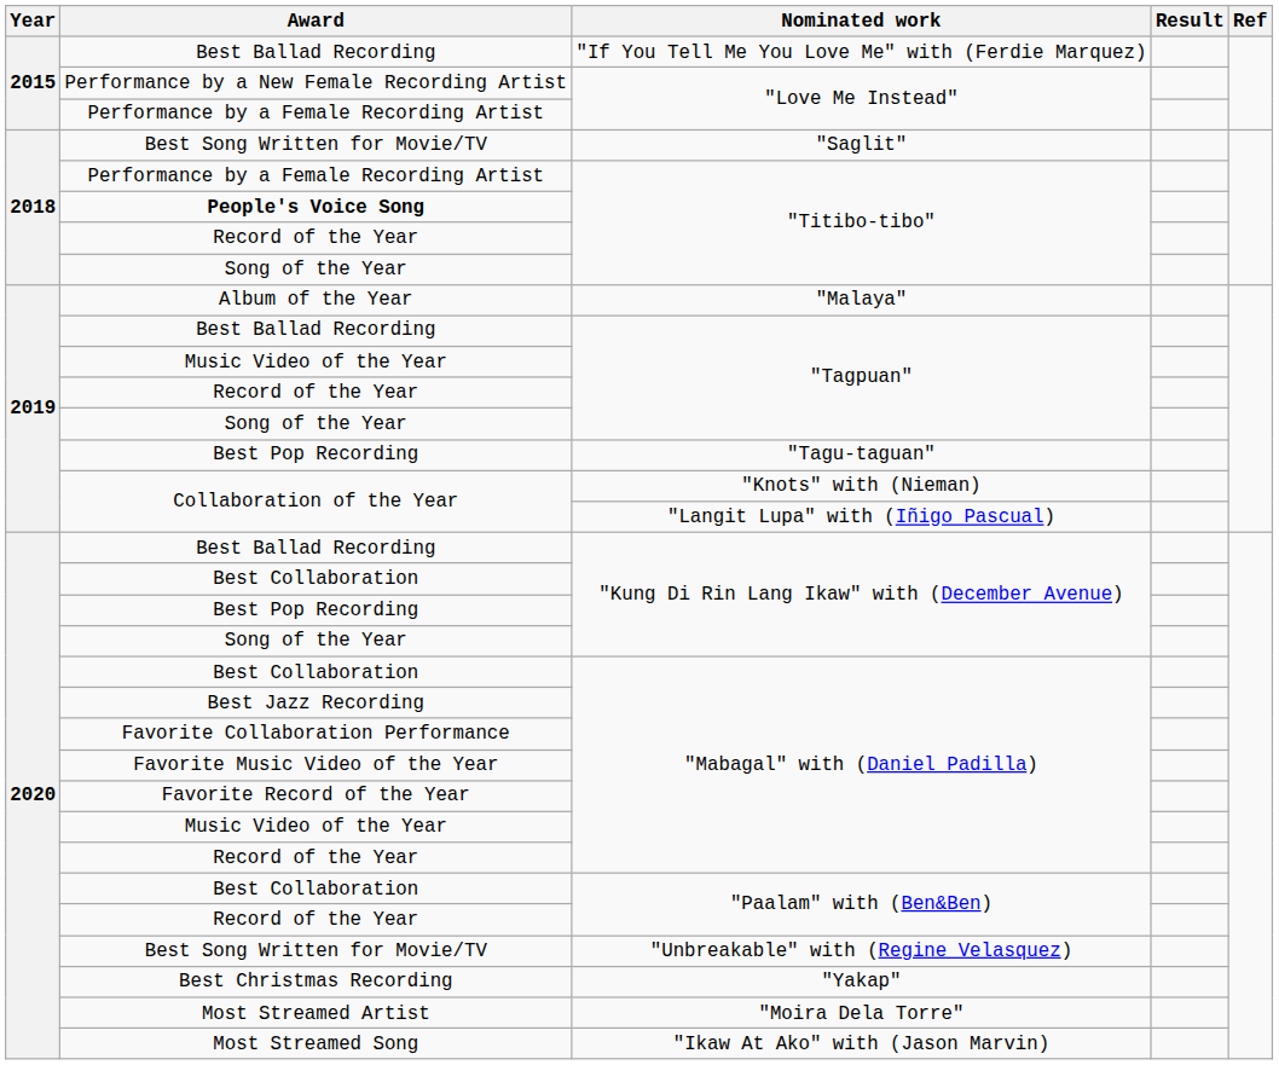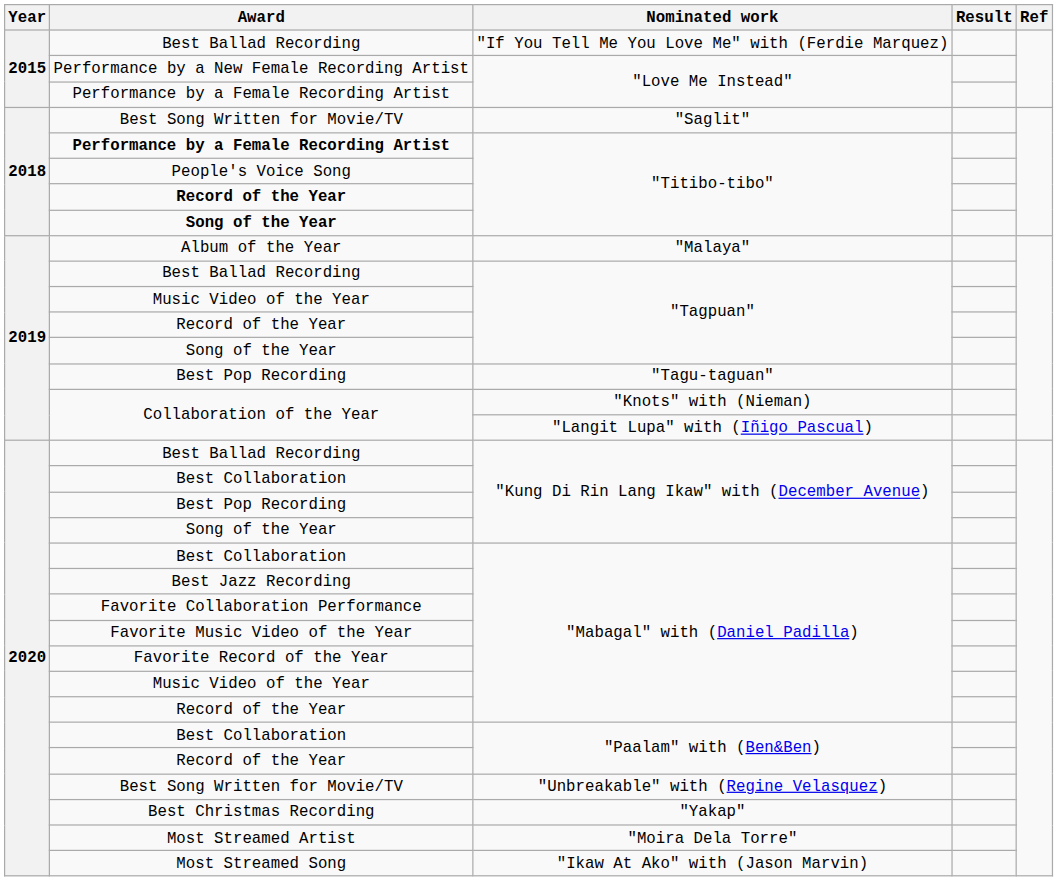 <table class="wikitable sortable" style=text-align:center>
 <tr>
 <th>Year</th>
 <th>Award</th>
 <th>Nominated work</th>
 <th>Result</th>
 <th>Ref</th>
 </tr>
 <tr>
 <th rowspan="3">2015</th>
 <td>Best Ballad Recording</td>
 <td align=center>"If You Tell Me You Love Me" with (Ferdie Marquez)</td>
 <td></td>
 <td align=center rowspan="3"></td>
 </tr>
 <tr>
 <td>Performance by a New Female Recording Artist</td>
 <td align=center rowspan="2">"Love Me Instead"</td>
 <td></td>
 </tr>
 <tr>
 <td>Performance by a Female Recording Artist</td>
 <td></td>
 </tr>
 <tr>
 <th rowspan="5">2018</th>
 <td>Best Song Written for Movie/TV</td>
 <td align=center>"Saglit"</td>
 <td></td>
 <td rowspan="5"></td>
 </tr>
 <tr>
-<td>Performance by a Female Recording Artist</td>
+<td><strong>Performance by a Female Recording Artist</strong></td>
 <td align=center rowspan="4">"Titibo-tibo"</td>
 <td></td>
 </tr>
 <tr>
-<td><strong>People's Voice Song</strong></td>
+<td>People's Voice Song</td>
 <td></td>
 </tr>
 <tr>
-<td>Record of the Year</td>
+<td><strong>Record of the Year</strong></td>
 <td></td>
 </tr>
 <tr>
-<td>Song of the Year</td>
+<td><strong>Song of the Year</strong></td>
 <td></td>
 </tr>
 <tr>
 <th rowspan="8">2019</th>
 <td>Album of the Year</td>
 <td align=center>"Malaya"</td>
 <td></td>
 <td rowspan="8"></td>
 </tr>
 <tr>
 <td>Best Ballad Recording</td>
 <td align=center rowspan="4">"Tagpuan"</td>
 <td></td>
 </tr>
 <tr>
 <td>Music Video of the Year</td>
 <td></td>
 </tr>
 <tr>
 <td>Record of the Year</td>
 <td></td>
 </tr>
 <tr>
 <td>Song of the Year</td>
 <td></td>
 </tr>
 <tr>
 <td>Best Pop Recording</td>
 <td align=center>"Tagu-taguan"</td>
 <td></td>
 </tr>
 <tr>
 <td rowspan="2">Collaboration of the Year</td>
 <td align=center>"Knots" with (Nieman)</td>
 <td></td>
 </tr>
 <tr>
 <td align=center>"Langit Lupa" with (<a href='#'>Iñigo Pascual</a>)</td>
 <td></td>
 </tr>
 <tr>
 <th rowspan="17">2020</th>
 <td>Best Ballad Recording</td>
 <td rowspan="4">"Kung Di Rin Lang Ikaw" with (<a href='#'>December Avenue</a>)</td>
 <td></td>
 <td rowspan="17"></td>
 </tr>
 <tr>
 <td>Best Collaboration</td>
 <td></td>
 </tr>
 <tr>
 <td>Best Pop Recording</td>
 <td></td>
 </tr>
 <tr>
 <td>Song of the Year</td>
 <td></td>
 </tr>
 <tr>
 <td>Best Collaboration</td>
 <td rowspan="7">"Mabagal" with (<a href='#'>Daniel Padilla</a>)</td>
 <td></td>
 </tr>
 <tr>
 <td>Best Jazz Recording</td>
 <td></td>
 </tr>
 <tr>
 <td>Favorite Collaboration Performance</td>
 <td></td>
 </tr>
 <tr>
 <td>Favorite Music Video of the Year</td>
 <td></td>
 </tr>
 <tr>
 <td>Favorite Record of the Year</td>
 <td></td>
 </tr>
 <tr>
 <td>Music Video of the Year</td>
 <td></td>
 </tr>
 <tr>
 <td>Record of the Year</td>
 <td></td>
 </tr>
 <tr>
 <td>Best Collaboration</td>
 <td align=center rowspan="2">"Paalam" with (<a href='#'>Ben&Ben</a>)</td>
 <td></td>
 </tr>
 <tr>
 <td>Record of the Year</td>
 <td></td>
 </tr>
 <tr>
 <td>Best Song Written for Movie/TV</td>
 <td align=center>"Unbreakable" with (<a href='#'>Regine Velasquez</a>)</td>
 <td></td>
 </tr>
 <tr>
 <td>Best Christmas Recording</td>
 <td align=center>"Yakap"</td>
 <td></td>
 </tr>
 <tr>
 <td>Most Streamed Artist</td>
 <td align=center>"Moira Dela Torre"</td>
 <td></td>
 </tr>
 <tr>
 <td>Most Streamed Song</td>
 <td align=center>"Ikaw At Ako" with (Jason Marvin)</td>
 <td></td>
 </tr>
 </table>
